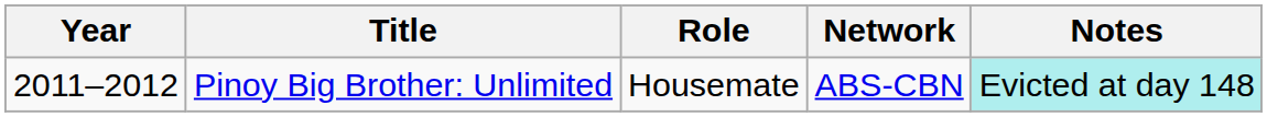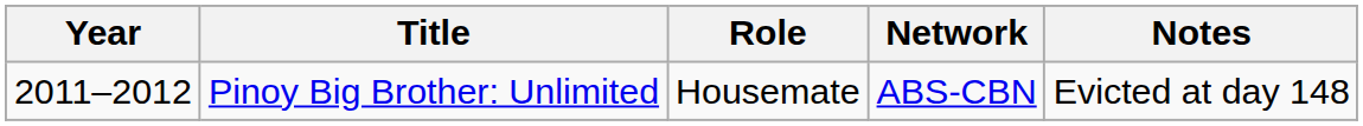 <table class="wikitable">
 <tr>
 <th>Year</th>
 <th>Title</th>
 <th>Role</th>
 <th>Network</th>
 <th>Notes</th>
 </tr>
 <tr>
 <td>2011–2012</td>
 <td><a href='#'>Pinoy Big Brother: Unlimited</a></td>
 <td>Housemate</td>
 <td rowspan=3><a href='#'>ABS-CBN</a></td>
-<td style="background: paleturquoise;">Evicted at day 148</td>
+<td>Evicted at day 148</td>
 </tr>
 </table>
